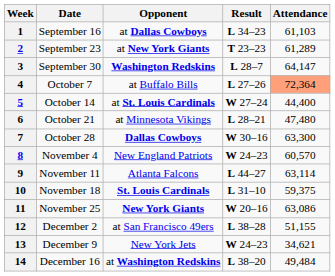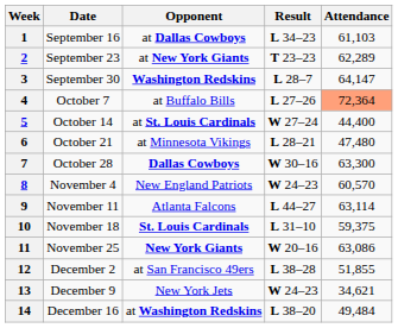 <table class="wikitable" style="text-align:center">
 <tr>
 <th>Week</th>
 <th>Date</th>
 <th>Opponent</th>
 <th>Result</th>
 <th>Attendance</th>
 </tr>
 <tr>
 <th>1</th>
 <td>September 16</td>
 <td>at <strong><a href='#'>Dallas Cowboys</a></strong></td>
 <td><strong>L</strong> 34–23</td>
 <td>61,103</td>
 </tr>
 <tr>
 <th><a href='#'>2</a></th>
 <td>September 23</td>
 <td>at <strong><a href='#'>New York Giants</a></strong></td>
 <td><strong>T</strong> 23–23</td>
-<td>61,289</td>
+<td>62,289</td>
 </tr>
 <tr>
 <th>3</th>
 <td>September 30</td>
 <td><strong><a href='#'>Washington Redskins</a></strong></td>
 <td><strong>L</strong> 28–7</td>
 <td>64,147</td>
 </tr>
 <tr>
 <th>4</th>
 <td>October 7</td>
 <td>at <a href='#'>Buffalo Bills</a></td>
 <td><strong>L</strong> 27–26</td>
 <td style="background: lightsalmon;">72,364</td>
 </tr>
 <tr>
 <th><a href='#'>5</a></th>
 <td>October 14</td>
 <td>at <strong><a href='#'>St. Louis Cardinals</a></strong></td>
 <td><strong>W</strong> 27–24</td>
 <td>44,400</td>
 </tr>
 <tr>
 <th>6</th>
 <td>October 21</td>
 <td>at <a href='#'>Minnesota Vikings</a></td>
 <td><strong>L</strong> 28–21</td>
 <td>47,480</td>
 </tr>
 <tr>
 <th>7</th>
 <td>October 28</td>
 <td><strong><a href='#'>Dallas Cowboys</a></strong></td>
 <td><strong>W</strong> 30–16</td>
 <td>63,300</td>
 </tr>
 <tr>
 <th><a href='#'>8</a></th>
 <td>November 4</td>
 <td><a href='#'>New England Patriots</a></td>
 <td><strong>W</strong> 24–23</td>
 <td>60,570</td>
 </tr>
 <tr>
 <th>9</th>
 <td>November 11</td>
 <td><a href='#'>Atlanta Falcons</a></td>
 <td><strong>L</strong> 44–27</td>
 <td>63,114</td>
 </tr>
 <tr>
 <th>10</th>
 <td>November 18</td>
 <td><strong><a href='#'>St. Louis Cardinals</a></strong></td>
 <td><strong>L</strong> 31–10</td>
 <td>59,375</td>
 </tr>
 <tr>
 <th>11</th>
 <td>November 25</td>
 <td><strong><a href='#'>New York Giants</a></strong></td>
 <td><strong>W</strong> 20–16</td>
 <td>63,086</td>
 </tr>
 <tr>
 <th>12</th>
 <td>December 2</td>
 <td>at <a href='#'>San Francisco 49ers</a></td>
 <td><strong>L</strong> 38–28</td>
-<td>51,155</td>
+<td>51,855</td>
 </tr>
 <tr>
 <th>13</th>
 <td>December 9</td>
 <td><a href='#'>New York Jets</a></td>
 <td><strong>W</strong> 24–23</td>
 <td>34,621</td>
 </tr>
 <tr>
 <th>14</th>
 <td>December 16</td>
 <td>at <strong><a href='#'>Washington Redskins</a></strong></td>
 <td><strong>L</strong> 38–20</td>
 <td>49,484</td>
 </tr>
 </table>
